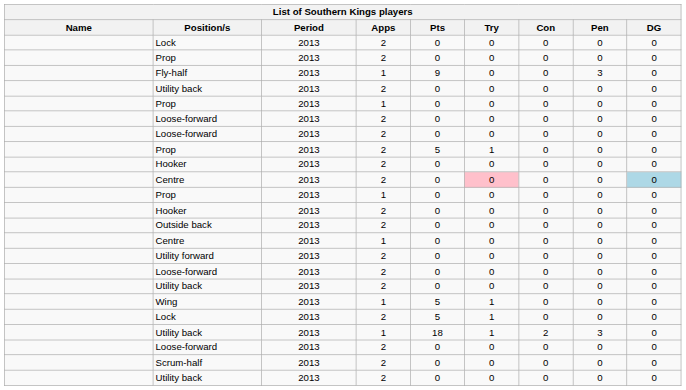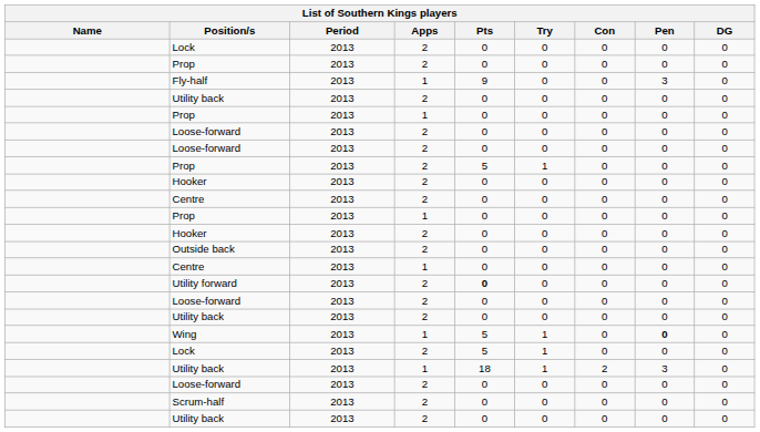 <table class="wikitable sortable" style="text-align:center; font-size:90%; width:80%">
 <tr>
 <th colspan="100%">List of Southern Kings players</th>
 </tr>
 <tr>
 <th style="width:22%;">Name</th>
 <th style="width:16%;">Position/s</th>
 <th style="width:14%;">Period</th>
 <th style="width:8%;">Apps</th>
 <th style="width:8%;">Pts</th>
 <th style="width:8%;">Try</th>
 <th style="width:8%;">Con</th>
 <th style="width:8%;">Pen</th>
 <th style="width:8%;">DG</th>
 </tr>
 <tr>
 <td align=left></td>
 <td align=left>Lock</td>
 <td>2013</td>
 <td>2</td>
 <td>0</td>
 <td>0</td>
 <td>0</td>
 <td>0</td>
 <td>0</td>
 </tr>
 <tr>
 <td align=left></td>
 <td align=left>Prop</td>
 <td>2013</td>
 <td>2</td>
 <td>0</td>
 <td>0</td>
 <td>0</td>
 <td>0</td>
 <td>0</td>
 </tr>
 <tr>
 <td align=left></td>
 <td align=left>Fly-half</td>
 <td>2013</td>
 <td>1</td>
 <td>9</td>
 <td>0</td>
 <td>0</td>
 <td>3</td>
 <td>0</td>
 </tr>
 <tr>
 <td align=left></td>
 <td align=left>Utility back</td>
 <td>2013</td>
 <td>2</td>
 <td>0</td>
 <td>0</td>
 <td>0</td>
 <td>0</td>
 <td>0</td>
 </tr>
 <tr>
 <td align=left></td>
 <td align=left>Prop</td>
 <td>2013</td>
 <td>1</td>
 <td>0</td>
 <td>0</td>
 <td>0</td>
 <td>0</td>
 <td>0</td>
 </tr>
 <tr>
 <td align=left></td>
 <td align=left>Loose-forward</td>
 <td>2013</td>
 <td>2</td>
 <td>0</td>
 <td>0</td>
 <td>0</td>
 <td>0</td>
 <td>0</td>
 </tr>
 <tr>
 <td align=left></td>
 <td align=left>Loose-forward</td>
 <td>2013</td>
 <td>2</td>
 <td>0</td>
 <td>0</td>
 <td>0</td>
 <td>0</td>
 <td>0</td>
 </tr>
 <tr>
 <td align=left></td>
 <td align=left>Prop</td>
 <td>2013</td>
 <td>2</td>
 <td>5</td>
 <td>1</td>
 <td>0</td>
 <td>0</td>
 <td>0</td>
 </tr>
 <tr>
 <td align=left></td>
 <td align=left>Hooker</td>
 <td>2013</td>
 <td>2</td>
 <td>0</td>
 <td>0</td>
 <td>0</td>
 <td>0</td>
 <td>0</td>
 </tr>
 <tr>
 <td align=left></td>
 <td align=left>Centre</td>
 <td>2013</td>
 <td>2</td>
 <td>0</td>
-<td style="background: pink;">0</td>
 <td>0</td>
 <td>0</td>
-<td style="background: lightblue;">0</td>
+<td>0</td>
+<td>0</td>
 </tr>
 <tr>
 <td align=left></td>
 <td align=left>Prop</td>
 <td>2013</td>
 <td>1</td>
 <td>0</td>
 <td>0</td>
 <td>0</td>
 <td>0</td>
 <td>0</td>
 </tr>
 <tr>
 <td align=left></td>
 <td align=left>Hooker</td>
 <td>2013</td>
 <td>2</td>
 <td>0</td>
 <td>0</td>
 <td>0</td>
 <td>0</td>
 <td>0</td>
 </tr>
 <tr>
 <td align=left></td>
 <td align=left>Outside back</td>
 <td>2013</td>
 <td>2</td>
 <td>0</td>
 <td>0</td>
 <td>0</td>
 <td>0</td>
 <td>0</td>
 </tr>
 <tr>
 <td align=left></td>
 <td align=left>Centre</td>
 <td>2013</td>
 <td>1</td>
 <td>0</td>
 <td>0</td>
 <td>0</td>
 <td>0</td>
 <td>0</td>
 </tr>
 <tr>
 <td align=left></td>
 <td align=left>Utility forward</td>
 <td>2013</td>
 <td>2</td>
-<td>0</td>
+<td><strong>0</strong></td>
 <td>0</td>
 <td>0</td>
 <td>0</td>
 <td>0</td>
 </tr>
 <tr>
 <td align=left></td>
 <td align=left>Loose-forward</td>
 <td>2013</td>
 <td>2</td>
 <td>0</td>
 <td>0</td>
 <td>0</td>
 <td>0</td>
 <td>0</td>
 </tr>
 <tr>
 <td align=left></td>
 <td align=left>Utility back</td>
 <td>2013</td>
 <td>2</td>
 <td>0</td>
 <td>0</td>
 <td>0</td>
 <td>0</td>
 <td>0</td>
 </tr>
 <tr>
 <td align=left></td>
 <td align=left>Wing</td>
 <td>2013</td>
 <td>1</td>
 <td>5</td>
 <td>1</td>
 <td>0</td>
-<td>0</td>
+<td><strong>0</strong></td>
 <td>0</td>
 </tr>
 <tr>
 <td align=left></td>
 <td align=left>Lock</td>
 <td>2013</td>
 <td>2</td>
 <td>5</td>
 <td>1</td>
 <td>0</td>
 <td>0</td>
 <td>0</td>
 </tr>
 <tr>
 <td align=left></td>
 <td align=left>Utility back</td>
 <td>2013</td>
 <td>1</td>
 <td>18</td>
 <td>1</td>
 <td>2</td>
 <td>3</td>
 <td>0</td>
 </tr>
 <tr>
 <td align=left></td>
 <td align=left>Loose-forward</td>
 <td>2013</td>
 <td>2</td>
 <td>0</td>
 <td>0</td>
 <td>0</td>
 <td>0</td>
 <td>0</td>
 </tr>
 <tr>
 <td align=left></td>
 <td align=left>Scrum-half</td>
 <td>2013</td>
 <td>2</td>
 <td>0</td>
 <td>0</td>
 <td>0</td>
 <td>0</td>
 <td>0</td>
 </tr>
 <tr>
 <td align=left></td>
 <td align=left>Utility back</td>
 <td>2013</td>
 <td>2</td>
 <td>0</td>
 <td>0</td>
 <td>0</td>
 <td>0</td>
 <td>0</td>
 </tr>
 </table>
